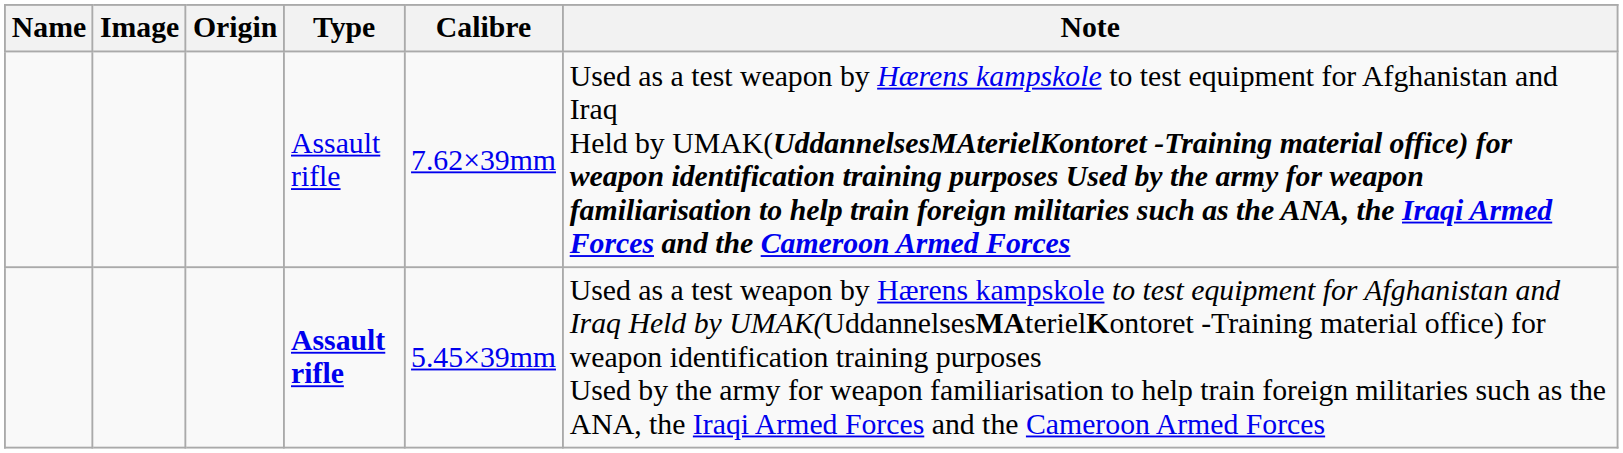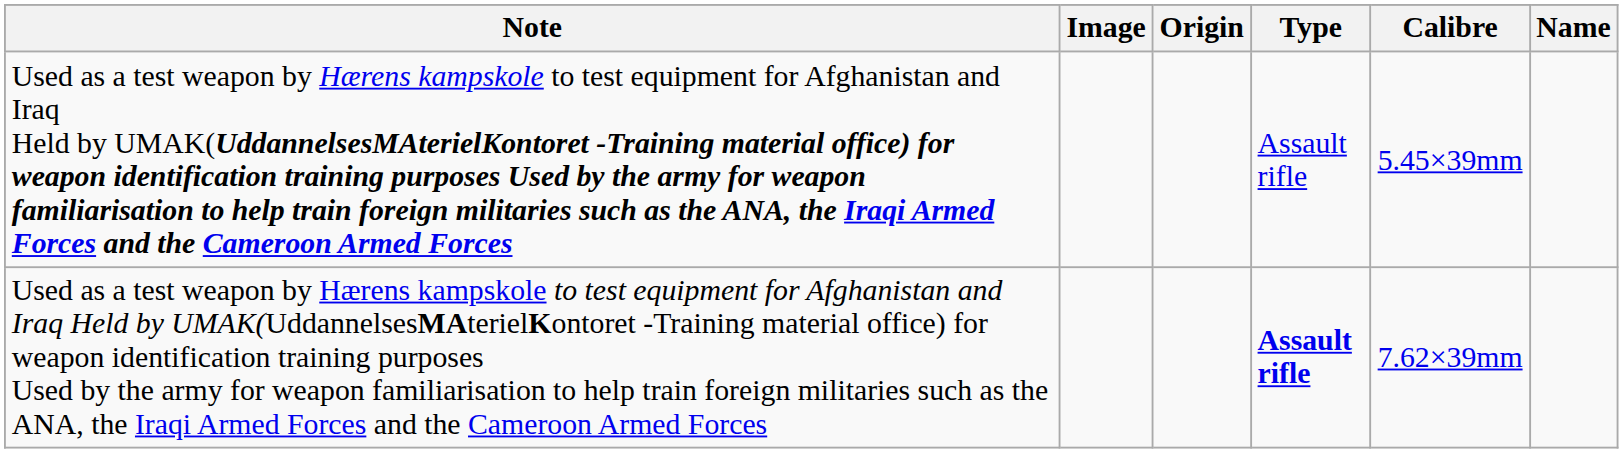 <table class="wikitable">
 <tr>
-<th>Name</th>
+<th>Note</th>
 <th>Image</th>
 <th>Origin</th>
 <th>Type</th>
 <th>Calibre</th>
-<th>Note</th>
+<th>Name</th>
 </tr>
 <tr>
-<td></td>
+<td>Used as a test weapon by <a href='#'><em>Hærens kampskole</em></a> to test equipment for Afghanistan and Iraq<br>Held by UMAK(<strong><em>U<strong>ddannelses</strong>MA<strong>teriel</strong>K<strong>ontoret<em> -Training material office) for weapon identification training purposes Used by the army for weapon familiarisation to help train foreign militaries such as the ANA, the <a href='#'>Iraqi Armed Forces</a> and the <a href='#'>Cameroon Armed Forces</a></td>
 <td></td>
 <td></td>
 <td><a href='#'>Assault rifle</a></td>
-<td><a href='#'>7.62×39mm</a></td>
-<td>Used as a test weapon by <a href='#'><em>Hærens kampskole</em></a> to test equipment for Afghanistan and Iraq<br>Held by UMAK(<strong><em>U<strong>ddannelses</strong>MA<strong>teriel</strong>K<strong>ontoret<em> -Training material office) for weapon identification training purposes Used by the army for weapon familiarisation to help train foreign militaries such as the ANA, the <a href='#'>Iraqi Armed Forces</a> and the <a href='#'>Cameroon Armed Forces</a></td>
+<td><a href='#'>5.45×39mm</a></td>
+<td></td>
 </tr>
 <tr>
-<td></td>
+<td>Used as a test weapon by <a href='#'></em>Hærens kampskole<em></a> to test equipment for Afghanistan and Iraq Held by UMAK(</em></strong>U</strong>ddannelses<strong>MA</strong>teriel<strong>K</strong>ontoret</em> -Training material office) for weapon identification training purposes<br>Used by the army for weapon familiarisation to help train foreign militaries such as the ANA, the <a href='#'>Iraqi Armed Forces</a> and the <a href='#'>Cameroon Armed Forces</a></td>
 <td></td>
 <td></td>
 <td><strong><a href='#'>Assault rifle</a></strong></td>
-<td><a href='#'>5.45×39mm</a></td>
-<td>Used as a test weapon by <a href='#'></em>Hærens kampskole<em></a> to test equipment for Afghanistan and Iraq Held by UMAK(</em></strong>U</strong>ddannelses<strong>MA</strong>teriel<strong>K</strong>ontoret</em> -Training material office) for weapon identification training purposes<br>Used by the army for weapon familiarisation to help train foreign militaries such as the ANA, the <a href='#'>Iraqi Armed Forces</a> and the <a href='#'>Cameroon Armed Forces</a></td>
+<td><a href='#'>7.62×39mm</a></td>
+<td></td>
 </tr>
 </table>
